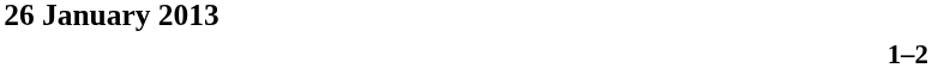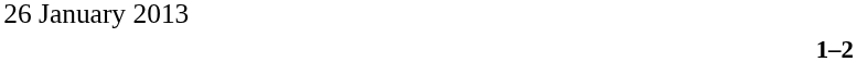 <table style="width:100%;" cellspacing="1">
 <tr>
 <th width=25%></th>
 <th width=10%></th>
 <th></th>
 </tr>
 <tr>
-<td><strong>26 January 2013</strong></td>
+<td>26 January 2013</td>
 </tr>
 <tr style=font-size:90%>
 <td align=right><strong></strong></td>
 <td align=center><strong>1–2</strong></td>
 <td><strong></strong></td>
 </tr>
 </table>
